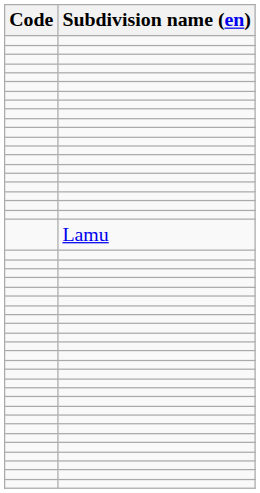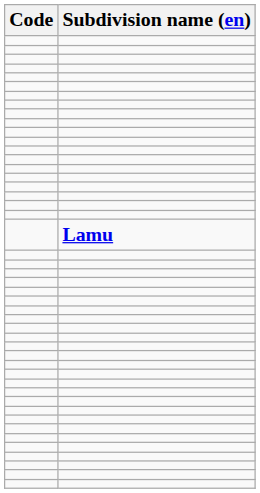 <table class="wikitable sortable">
 <tr>
 <th>Code</th>
 <th>Subdivision name (<a href='#'>en</a>)</th>
 </tr>
 <tr>
 <td></td>
 <td></td>
 </tr>
 <tr>
 <td></td>
 <td></td>
 </tr>
 <tr>
 <td></td>
 <td></td>
 </tr>
 <tr>
 <td></td>
 <td></td>
 </tr>
 <tr>
 <td></td>
 <td></td>
 </tr>
 <tr>
 <td></td>
 <td></td>
 </tr>
 <tr>
 <td></td>
 <td></td>
 </tr>
 <tr>
 <td></td>
 <td></td>
 </tr>
 <tr>
 <td></td>
 <td></td>
 </tr>
 <tr>
 <td></td>
 <td></td>
 </tr>
 <tr>
 <td></td>
 <td></td>
 </tr>
 <tr>
 <td></td>
 <td></td>
 </tr>
 <tr>
 <td></td>
 <td></td>
 </tr>
 <tr>
 <td></td>
 <td></td>
 </tr>
 <tr>
 <td></td>
 <td></td>
 </tr>
 <tr>
 <td></td>
 <td></td>
 </tr>
 <tr>
 <td></td>
 <td></td>
 </tr>
 <tr>
 <td></td>
 <td></td>
 </tr>
 <tr>
 <td></td>
 <td></td>
 </tr>
 <tr>
 <td></td>
 <td></td>
 </tr>
 <tr>
 <td></td>
-<td> <a href='#'>Lamu</a></td>
+<td><strong> <a href='#'>Lamu</a></strong></td>
 </tr>
 <tr>
 <td></td>
 <td></td>
 </tr>
 <tr>
 <td></td>
 <td></td>
 </tr>
 <tr>
 <td></td>
 <td></td>
 </tr>
 <tr>
 <td></td>
 <td></td>
 </tr>
 <tr>
 <td></td>
 <td></td>
 </tr>
 <tr>
 <td></td>
 <td></td>
 </tr>
 <tr>
 <td></td>
 <td></td>
 </tr>
 <tr>
 <td></td>
 <td></td>
 </tr>
 <tr>
 <td></td>
 <td></td>
 </tr>
 <tr>
 <td></td>
 <td></td>
 </tr>
 <tr>
 <td></td>
 <td></td>
 </tr>
 <tr>
 <td></td>
 <td></td>
 </tr>
 <tr>
 <td></td>
 <td></td>
 </tr>
 <tr>
 <td></td>
 <td></td>
 </tr>
 <tr>
 <td></td>
 <td></td>
 </tr>
 <tr>
 <td></td>
 <td></td>
 </tr>
 <tr>
 <td></td>
 <td></td>
 </tr>
 <tr>
 <td></td>
 <td></td>
 </tr>
 <tr>
 <td></td>
 <td></td>
 </tr>
 <tr>
 <td></td>
 <td></td>
 </tr>
 <tr>
 <td></td>
 <td></td>
 </tr>
 <tr>
 <td></td>
 <td></td>
 </tr>
 <tr>
 <td></td>
 <td></td>
 </tr>
 <tr>
 <td></td>
 <td></td>
 </tr>
 <tr>
 <td></td>
 <td></td>
 </tr>
 <tr>
 <td></td>
 <td></td>
 </tr>
 </table>
